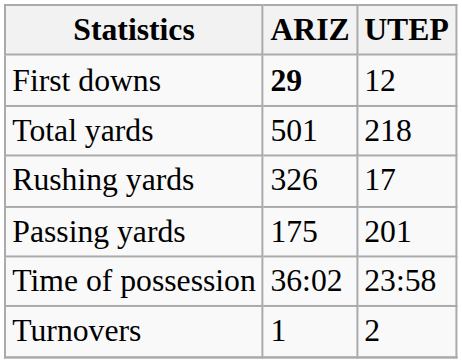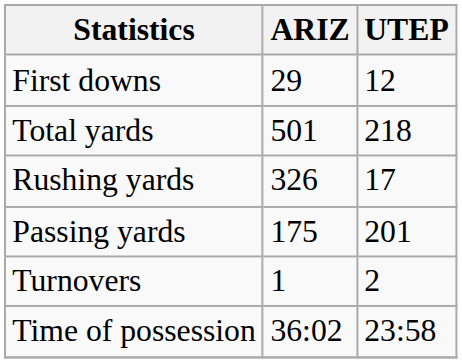 <table class="wikitable">
 <tr>
 <th>Statistics</th>
 <th>ARIZ</th>
 <th>UTEP</th>
 </tr>
 <tr>
 <td>First downs</td>
-<td><strong>29</strong></td>
+<td>29</td>
 <td>12</td>
 </tr>
 <tr>
 <td>Total yards</td>
 <td>501</td>
 <td>218</td>
 </tr>
 <tr>
 <td>Rushing yards</td>
 <td>326</td>
 <td>17</td>
 </tr>
 <tr>
 <td>Passing yards</td>
 <td>175</td>
 <td>201</td>
 </tr>
 <tr>
+<td>Turnovers</td>
+<td>1</td>
+<td>2</td>
+</tr>
+<tr>
 <td>Time of possession</td>
 <td>36:02</td>
 <td>23:58</td>
 </tr>
 <tr>
-<td>Turnovers</td>
-<td>1</td>
-<td>2</td>
-</tr>
-<tr>
 </tr>
 </table>
